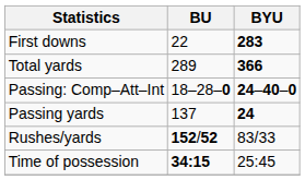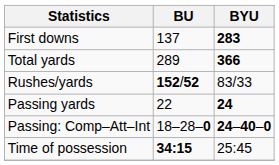 <table class="wikitable" style="float: left;">
 <tr>
 <th>Statistics</th>
 <th>BU</th>
 <th>BYU</th>
 </tr>
 <tr>
 <td>First downs</td>
-<td>22</td>
+<td>137</td>
 <td><strong>283</strong></td>
 </tr>
 <tr>
 <td>Total yards</td>
 <td>289</td>
 <td><strong>366</strong></td>
 </tr>
 <tr>
+<td>Rushes/yards</td>
+<td><strong>152</strong>/<strong>52</strong></td>
+<td>83/33</td>
+</tr>
+<tr>
+<td>Passing yards</td>
+<td>22</td>
+<td><strong>24</strong></td>
+</tr>
+<tr>
 <td>Passing: Comp–Att–Int</td>
 <td>18–28–<strong>0</strong></td>
 <td><strong>24</strong>–<strong>40</strong>–<strong>0</strong></td>
-</tr>
-<tr>
-<td>Passing yards</td>
-<td>137</td>
-<td><strong>24</strong></td>
-</tr>
-<tr>
-<td>Rushes/yards</td>
-<td><strong>152</strong>/<strong>52</strong></td>
-<td>83/33</td>
 </tr>
 <tr>
 <td>Time of possession</td>
 <td><strong>34:15</strong></td>
 <td>25:45</td>
 </tr>
 <tr>
 </tr>
 </table>
